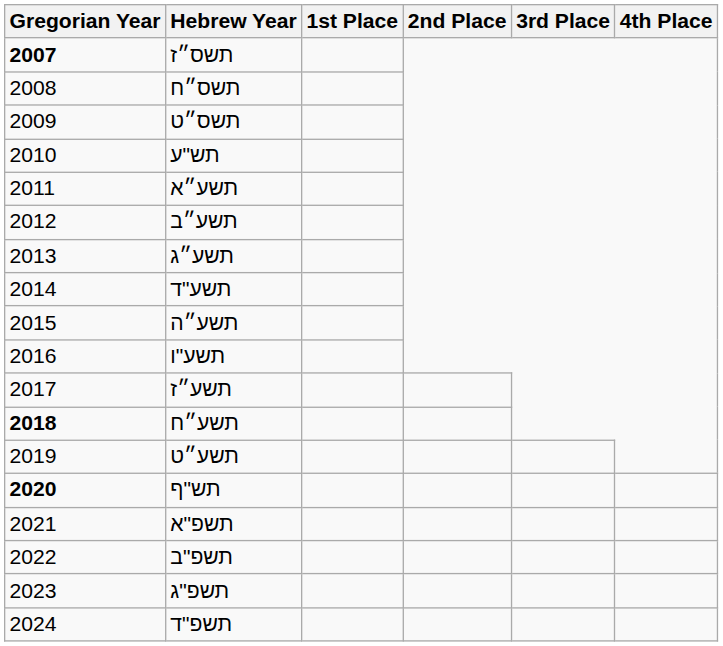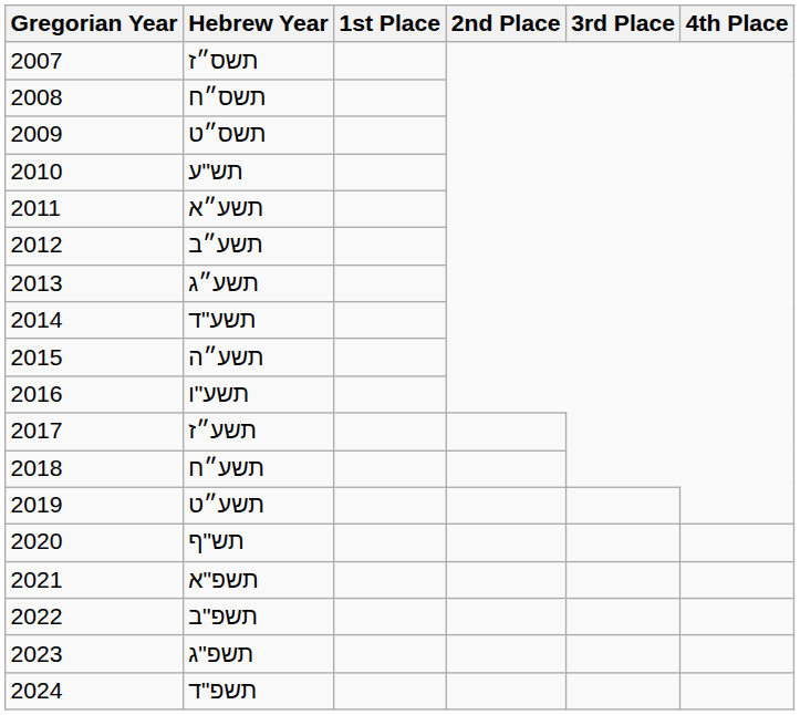 <table class="wikitable">
 <tr>
 <th>Gregorian Year</th>
 <th>Hebrew Year</th>
 <th>1st Place</th>
 <th>2nd Place</th>
 <th>3rd Place</th>
 <th>4th Place</th>
 </tr>
 <tr>
-<td><strong>2007</strong></td>
+<td>2007</td>
 <td>תשס״ז</td>
 <td></td>
 </tr>
 <tr>
 <td>2008</td>
 <td>תשס״ח</td>
 <td></td>
 </tr>
 <tr>
 <td>2009</td>
 <td>תשס״ט</td>
 <td></td>
 </tr>
 <tr>
 <td>2010</td>
 <td>תש"ע</td>
 <td></td>
 </tr>
 <tr>
 <td>2011</td>
 <td>תשע״א</td>
 <td></td>
 </tr>
 <tr>
 <td>2012</td>
 <td>תשע״ב</td>
 <td><br></td>
 </tr>
 <tr>
 <td>2013</td>
 <td>תשע״ג</td>
 <td></td>
 </tr>
 <tr>
 <td>2014</td>
 <td>תשע"ד</td>
 <td></td>
 </tr>
 <tr>
 <td>2015</td>
 <td>תשע״ה</td>
 <td></td>
 </tr>
 <tr>
 <td>2016</td>
 <td>תשע"ו</td>
 <td></td>
 </tr>
 <tr>
 <td>2017</td>
 <td>תשע״ז</td>
 <td></td>
 <td></td>
 </tr>
 <tr>
-<td><strong>2018</strong></td>
+<td>2018</td>
 <td>תשע״ח</td>
 <td></td>
 <td></td>
 </tr>
 <tr>
 <td>2019</td>
 <td>תשע״ט</td>
 <td></td>
 <td></td>
 <td></td>
 </tr>
 <tr>
-<td><strong>2020</strong></td>
+<td>2020</td>
 <td>תש"ף</td>
 <td><br></td>
 <td></td>
 <td></td>
 <td></td>
 </tr>
 <tr>
 <td>2021</td>
 <td>תשפ"א</td>
 <td></td>
 <td></td>
 <td></td>
 <td><br></td>
 </tr>
 <tr>
 <td>2022</td>
 <td>תשפ"ב</td>
 <td><br></td>
 <td></td>
 <td><br></td>
 <td></td>
 </tr>
 <tr>
 <td>2023</td>
 <td>תשפ"ג</td>
 <td></td>
 <td></td>
 <td></td>
 <td></td>
 </tr>
 <tr>
 <td>2024</td>
 <td>תשפ"ד</td>
 <td></td>
 <td></td>
 <td></td>
 <td></td>
 </tr>
 </table>
